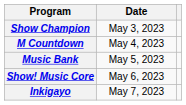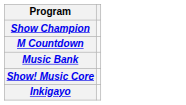 <table class="wikitable plainrowheaders sortable" style="text-align:center;">
 <tr>
 <th scope="col">Program</th>
-<th scope="col" width="120">Date</th>
 <th class="unsortable" scope="col"></th>
 </tr>
 <tr>
 <th scope="row"><em><a href='#'>Show Champion</a></em></th>
-<td>May 3, 2023</td>
 <td></td>
 </tr>
 <tr>
 <th scope="row"><em><a href='#'>M Countdown</a></em></th>
-<td>May 4, 2023</td>
 <td></td>
 </tr>
 <tr>
 <th scope="row"><em><a href='#'>Music Bank</a></em></th>
-<td>May 5, 2023</td>
 <td style="text-align:center"></td>
 </tr>
 <tr>
 <th scope="row"><em><a href='#'>Show! Music Core</a></em></th>
-<td>May 6, 2023</td>
 <td style="text-align:center"></td>
 </tr>
 <tr>
 <th scope="row"><em><a href='#'>Inkigayo</a></em></th>
-<td>May 7, 2023</td>
 <td style="text-align:center"></td>
 </tr>
 </table>
